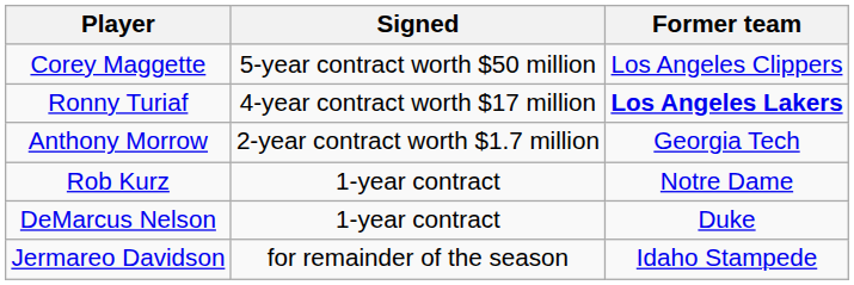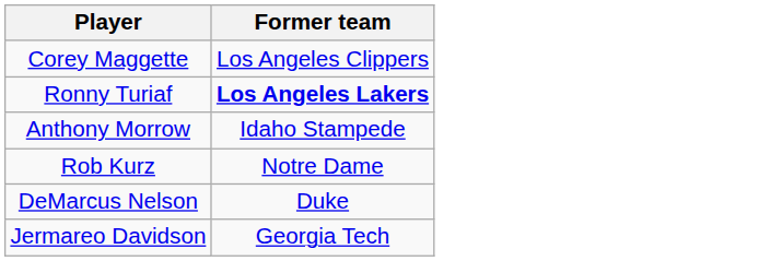 <table class="wikitable sortable sortable" style="text-align: center">
 <tr>
 <th>Player</th>
-<th>Signed</th>
 <th>Former team</th>
 </tr>
 <tr style="text-align: center">
 <td><a href='#'>Corey Maggette</a></td>
-<td>5-year contract worth $50 million</td>
 <td><a href='#'>Los Angeles Clippers</a></td>
 </tr>
 <tr style="text-align: center">
 <td><a href='#'>Ronny Turiaf</a></td>
-<td>4-year contract worth $17 million</td>
 <td><strong><a href='#'>Los Angeles Lakers</a></strong></td>
 </tr>
 <tr style="text-align: center">
 <td><a href='#'>Anthony Morrow</a></td>
-<td>2-year contract worth $1.7 million</td>
-<td><a href='#'>Georgia Tech</a></td>
+<td><a href='#'>Idaho Stampede</a></td>
 </tr>
 <tr style="text-align: center">
 <td><a href='#'>Rob Kurz</a></td>
-<td>1-year contract</td>
 <td><a href='#'>Notre Dame</a></td>
 </tr>
 <tr style="text-align: center">
 <td><a href='#'>DeMarcus Nelson</a></td>
-<td>1-year contract</td>
 <td><a href='#'>Duke</a></td>
 </tr>
 <tr style="text-align: center">
 <td><a href='#'>Jermareo Davidson</a></td>
-<td>for remainder of the season</td>
-<td><a href='#'>Idaho Stampede</a></td>
+<td><a href='#'>Georgia Tech</a></td>
 </tr>
 </table>
